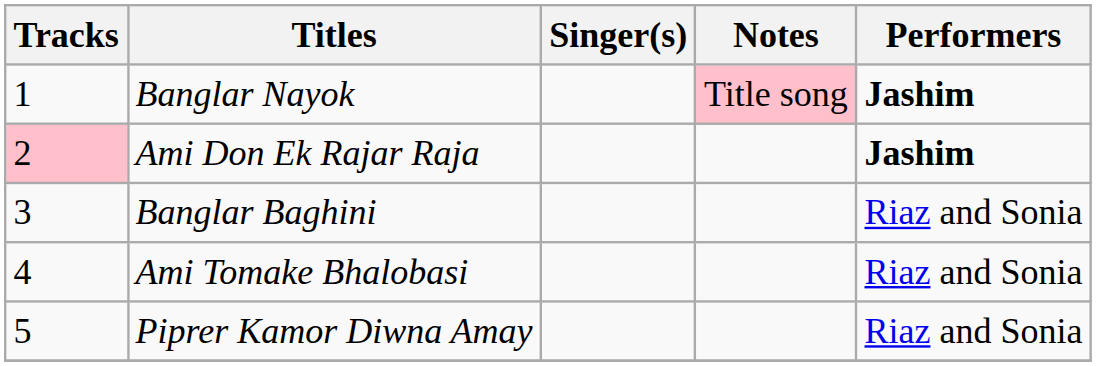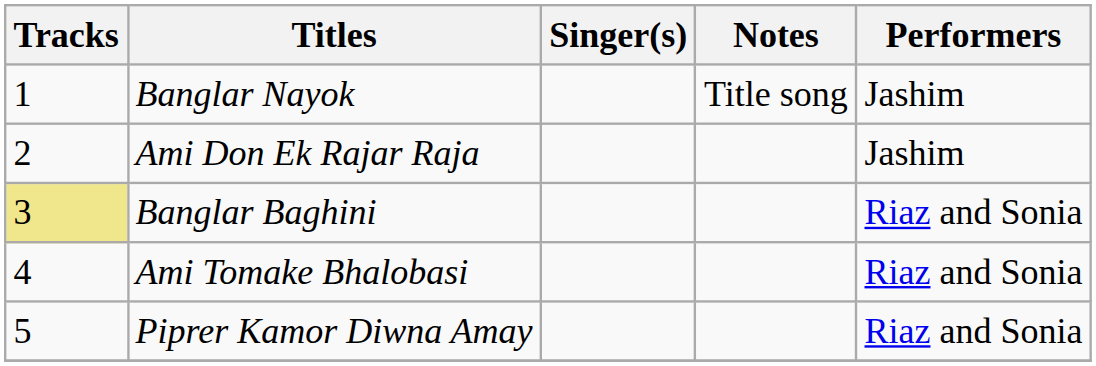 <table class="wikitable" style="font-size:95%;">
 <tr>
 <th>Tracks</th>
 <th>Titles</th>
 <th>Singer(s)</th>
 <th>Notes</th>
 <th>Performers</th>
 </tr>
 <tr>
 <td>1</td>
 <td><em>Banglar Nayok</em></td>
 <td></td>
-<td style="background: pink;">Title song</td>
-<td><strong>Jashim</strong></td>
+<td>Title song</td>
+<td>Jashim</td>
 </tr>
 <tr>
-<td style="background: pink;">2</td>
+<td>2</td>
 <td><em>Ami Don Ek Rajar Raja</em></td>
 <td></td>
 <td></td>
-<td><strong>Jashim</strong></td>
+<td>Jashim</td>
 </tr>
 <tr>
-<td>3</td>
+<td style="background: khaki;">3</td>
 <td><em>Banglar Baghini</em></td>
 <td></td>
 <td></td>
 <td><a href='#'>Riaz</a> and Sonia</td>
 </tr>
 <tr>
 <td>4</td>
 <td><em>Ami Tomake Bhalobasi</em></td>
 <td></td>
 <td></td>
 <td><a href='#'>Riaz</a> and Sonia</td>
 </tr>
 <tr>
 <td>5</td>
 <td><em>Piprer Kamor Diwna Amay</em></td>
 <td></td>
 <td></td>
 <td><a href='#'>Riaz</a> and Sonia</td>
 </tr>
 <tr>
 </tr>
 </table>
